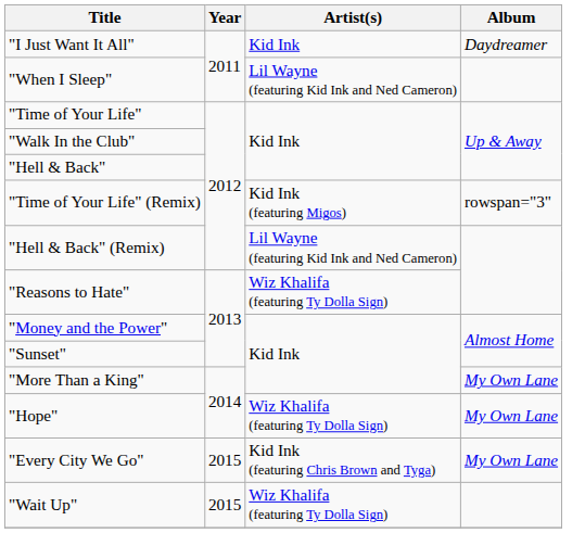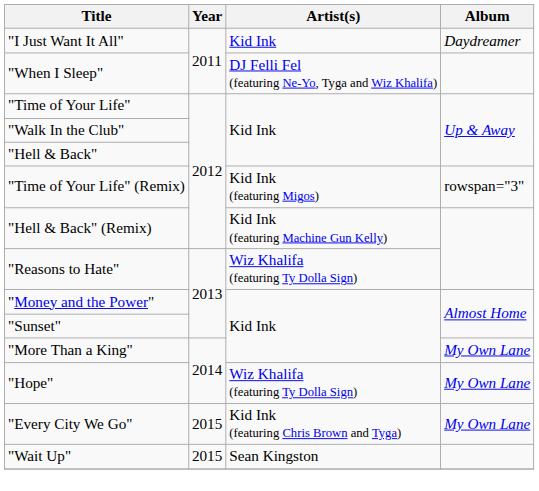 <table class="wikitable plainrowheaders">
 <tr>
 <th scope="col">Title</th>
 <th scope="col">Year</th>
 <th scope="col">Artist(s)</th>
 <th scope="col">Album</th>
 </tr>
 <tr>
 <td>"I Just Want It All"</td>
 <td rowspan="2">2011</td>
 <td><a href='#'>Kid Ink</a></td>
 <td><em>Daydreamer</em></td>
 </tr>
 <tr>
 <td>"When I Sleep"</td>
-<td><a href='#'>Lil Wayne</a><br><small>(featuring Kid Ink and Ned Cameron)</small></td>
+<td><a href='#'>DJ Felli Fel</a><br><small>(featuring <a href='#'>Ne-Yo</a>, Tyga and <a href='#'>Wiz Khalifa</a>)</small></td>
 <td></td>
 </tr>
 <tr>
 <td>"Time of Your Life"</td>
 <td rowspan="5">2012</td>
 <td rowspan="3">Kid Ink</td>
 <td rowspan="3"><em><a href='#'>Up & Away</a></em></td>
 </tr>
 <tr>
 <td>"Walk In the Club"</td>
 </tr>
 <tr>
 <td>"Hell & Back"</td>
 </tr>
 <tr>
 <td>"Time of Your Life" (Remix)</td>
 <td>Kid Ink<br><small>(featuring <a href='#'>Migos</a>)</small></td>
 <td>rowspan="3" </td>
 </tr>
 <tr>
 <td>"Hell & Back" (Remix)</td>
-<td><a href='#'>Lil Wayne</a><br><small>(featuring Kid Ink and Ned Cameron)</small></td>
+<td>Kid Ink<br><small>(featuring <a href='#'>Machine Gun Kelly</a>)</small></td>
 </tr>
 <tr>
 <td>"Reasons to Hate"</td>
 <td rowspan="3">2013</td>
 <td><a href='#'>Wiz Khalifa</a><br><small>(featuring <a href='#'>Ty Dolla Sign</a>)</small></td>
 </tr>
 <tr>
 <td>"<a href='#'>Money and the Power</a>"</td>
 <td rowspan="3">Kid Ink</td>
 <td rowspan="2"><em><a href='#'>Almost Home</a></em></td>
 </tr>
 <tr>
 <td>"Sunset"</td>
 </tr>
 <tr>
 <td>"More Than a King"</td>
 <td rowspan="2">2014</td>
 <td><em><a href='#'>My Own Lane</a></em></td>
 </tr>
 <tr>
 <td>"Hope"</td>
 <td><a href='#'>Wiz Khalifa</a><br><small>(featuring <a href='#'>Ty Dolla Sign</a>)</small></td>
 <td><em><a href='#'>My Own Lane</a></em></td>
 </tr>
 <tr>
 <td>"Every City We Go"</td>
 <td>2015</td>
 <td>Kid Ink<br><small>(featuring <a href='#'>Chris Brown</a> and <a href='#'>Tyga</a>)</small></td>
 <td><em><a href='#'>My Own Lane</a></em></td>
 </tr>
 <tr>
 <td>"Wait Up"</td>
 <td>2015</td>
-<td><a href='#'>Wiz Khalifa</a><br><small>(featuring <a href='#'>Ty Dolla Sign</a>)</small></td>
+<td>Sean Kingston</td>
 <td></td>
 </tr>
 <tr>
 </tr>
 </table>
